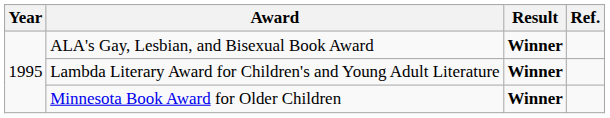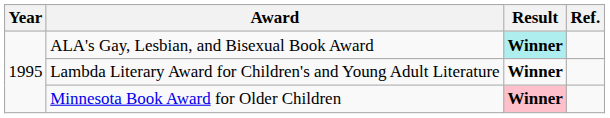 <table class="wikitable">
 <tr>
 <th>Year</th>
 <th>Award</th>
 <th>Result</th>
 <th>Ref.</th>
 </tr>
 <tr>
 <td rowspan="3">1995</td>
 <td>ALA's Gay, Lesbian, and Bisexual Book Award</td>
-<td><strong>Winner</strong></td>
+<td style="background: paleturquoise;"><strong>Winner</strong></td>
 <td></td>
 </tr>
 <tr>
 <td>Lambda Literary Award for Children's and Young Adult Literature</td>
 <td><strong>Winner</strong></td>
 <td></td>
 </tr>
 <tr>
 <td><a href='#'>Minnesota Book Award</a> for Older Children</td>
-<td><strong>Winner</strong></td>
+<td style="background: pink;"><strong>Winner</strong></td>
 <td></td>
 </tr>
 </table>
